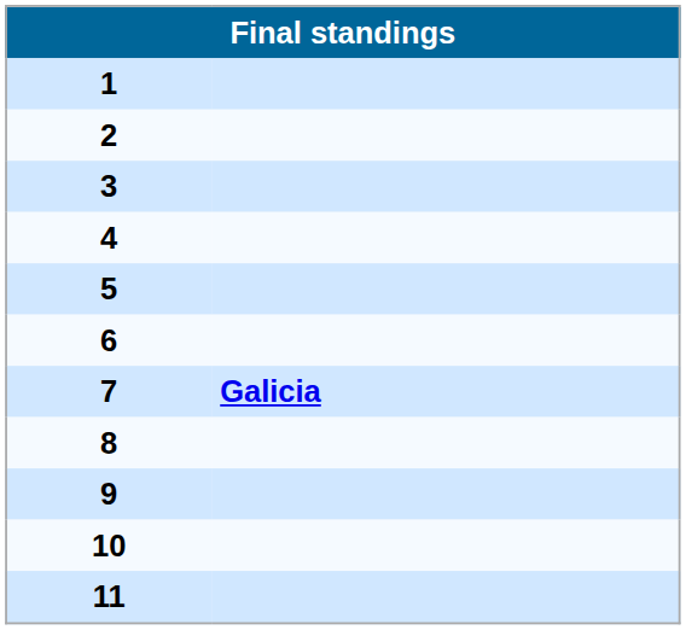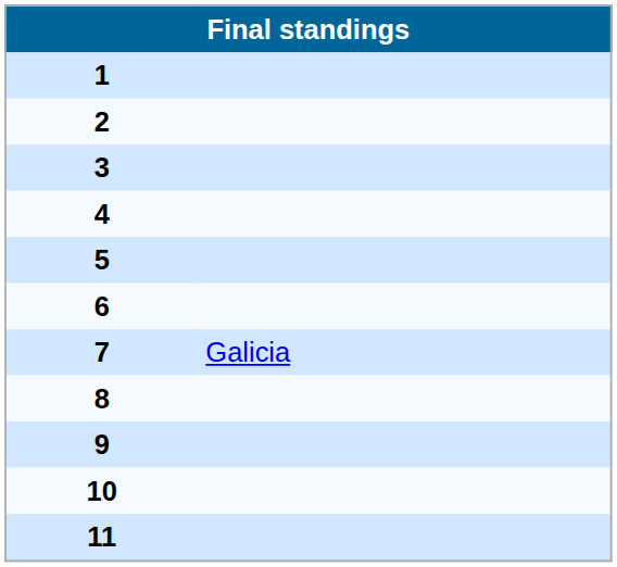 <table align=center cellpadding="4" cellspacing="0" style="background: #f9f9f9; border: 1px #aaa solid; border-collapse: collapse; font-size: 90%;" width=20%>
 <tr align=center style="background:#006699; color:white">
 <th width=100% colspan=2>Final standings</th>
 </tr>
 <tr align=center style="background:#D0E7FF;">
 <td><strong>1</strong></td>
 <td align=left></td>
 </tr>
 <tr align=center style="background:#F5FAFF;">
 <td><strong>2</strong></td>
 <td align=left></td>
 </tr>
 <tr align=center style="background:#D0E7FF;">
 <td><strong>3</strong></td>
 <td align=left></td>
 </tr>
 <tr align=center style="background:#F5FAFF;">
 <td><strong>4</strong></td>
 <td align=left></td>
 </tr>
 <tr align=center style="background:#D0E7FF;">
 <td><strong>5</strong></td>
 <td align=left></td>
 </tr>
 <tr align=center style="background:#F5FAFF;">
 <td><strong>6</strong></td>
 <td align=left></td>
 </tr>
 <tr align=center style="background:#D0E7FF;">
 <td><strong>7</strong></td>
-<td align=left><strong> <a href='#'>Galicia</a></strong></td>
+<td align=left> <a href='#'>Galicia</a></td>
 </tr>
 <tr align=center style="background:#F5FAFF;">
 <td><strong>8</strong></td>
 <td align=left></td>
 </tr>
 <tr align=center style="background:#D0E7FF;">
 <td><strong>9</strong></td>
 <td align=left></td>
 </tr>
 <tr align=center style="background:#F5FAFF;">
 <td><strong>10</strong></td>
 <td align=left></td>
 </tr>
 <tr align=center style="background:#D0E7FF;">
 <td><strong>11</strong></td>
 <td align=left></td>
 </tr>
 </table>
